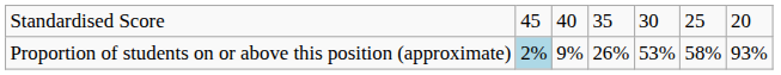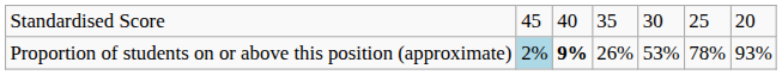 <table class="wikitable">
 <tr>
 <td>Standardised Score</td>
 <td>45</td>
 <td>40</td>
 <td>35</td>
 <td>30</td>
 <td>25</td>
 <td>20</td>
 </tr>
 <tr>
 <td>Proportion of students on or above this position (approximate)</td>
 <td style="background: lightblue;">2%</td>
-<td>9%</td>
+<td><strong>9%</strong></td>
 <td>26%</td>
 <td>53%</td>
-<td>58%</td>
+<td>78%</td>
 <td>93%</td>
 </tr>
 </table>
